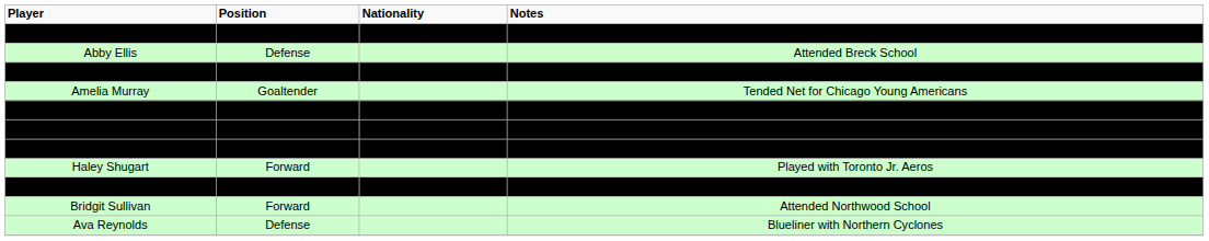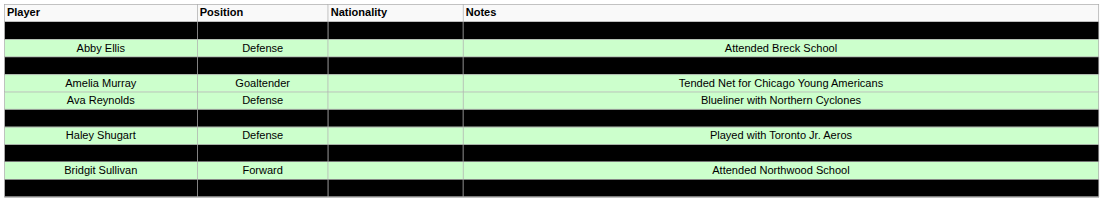 <table class="wikitable" width="80%">
 <tr>
 <td><strong>Player</strong></td>
 <td><strong>Position</strong></td>
 <td><strong>Nationality</strong></td>
 <td><strong>Notes</strong><br></td>
 </tr>
 <tr align="center" bgcolor=" ">
 <td>Rachel de Perio</td>
 <td>Goaltender</td>
 <td></td>
 <td>Transfer from Niagara University</td>
 </tr>
 <tr align="center" bgcolor="#ccffcc">
 <td>Abby Ellis</td>
 <td>Defense</td>
 <td></td>
 <td>Attended Breck School</td>
 </tr>
 <tr align="center" bgcolor=" ">
 <td>Cheyenne Harris</td>
 <td>Forward</td>
 <td></td>
 <td>Played for Mass Spitfires U19</td>
 </tr>
 <tr align="center" bgcolor="#ccffcc">
 <td>Amelia Murray</td>
 <td>Goaltender</td>
 <td></td>
 <td>Tended Net for Chicago Young Americans</td>
 </tr>
-<tr align="center" bgcolor=" ">
-<td>Jordi Naidrich</td>
-<td>Forward</td>
+<tr align="center" bgcolor="#ccffcc">
+<td>Ava Reynolds</td>
+<td>Defense</td>
 <td></td>
-<td>Played on the New Jersey Rockets team</td>
-</tr>
-<tr align="center" bgcolor=" ">
-<td>Celine Tessier</td>
-<td>Goaltender</td>
-<td></td>
-<td>Played for the Nepean Jr. Wildcats</td>
+<td>Blueliner with Northern Cyclones</td>
 </tr>
 <tr align="center" bgcolor=" ">
 <td>Katelynn Russ</td>
 <td>Forward</td>
 <td></td>
 <td>Teammate of Amelia Murray on Chicago Young Americans</td>
 </tr>
 <tr align="center" bgcolor="#ccffcc">
 <td>Haley Shugart</td>
-<td>Forward</td>
+<td>Defense</td>
 <td></td>
 <td>Played with Toronto Jr. Aeros</td>
 </tr>
 <tr align="center" bgcolor=" ">
 <td>Kate Spooner</td>
 <td>Goaltender</td>
 <td></td>
 <td>Tended Goal with Pro Cresting Penguins</td>
 </tr>
 <tr align="center" bgcolor="#ccffcc">
 <td>Bridgit Sullivan</td>
 <td>Forward</td>
 <td></td>
 <td>Attended Northwood School</td>
 </tr>
-<tr align="center" bgcolor="#ccffcc">
-<td>Ava Reynolds</td>
-<td>Defense</td>
+<tr align="center" bgcolor=" ">
+<td>Celine Tessier</td>
+<td>Goaltender</td>
 <td></td>
-<td>Blueliner with Northern Cyclones</td>
+<td>Played for the Nepean Jr. Wildcats</td>
 </tr>
 <tr align="center" bgcolor=" ">
 </tr>
 </table>
